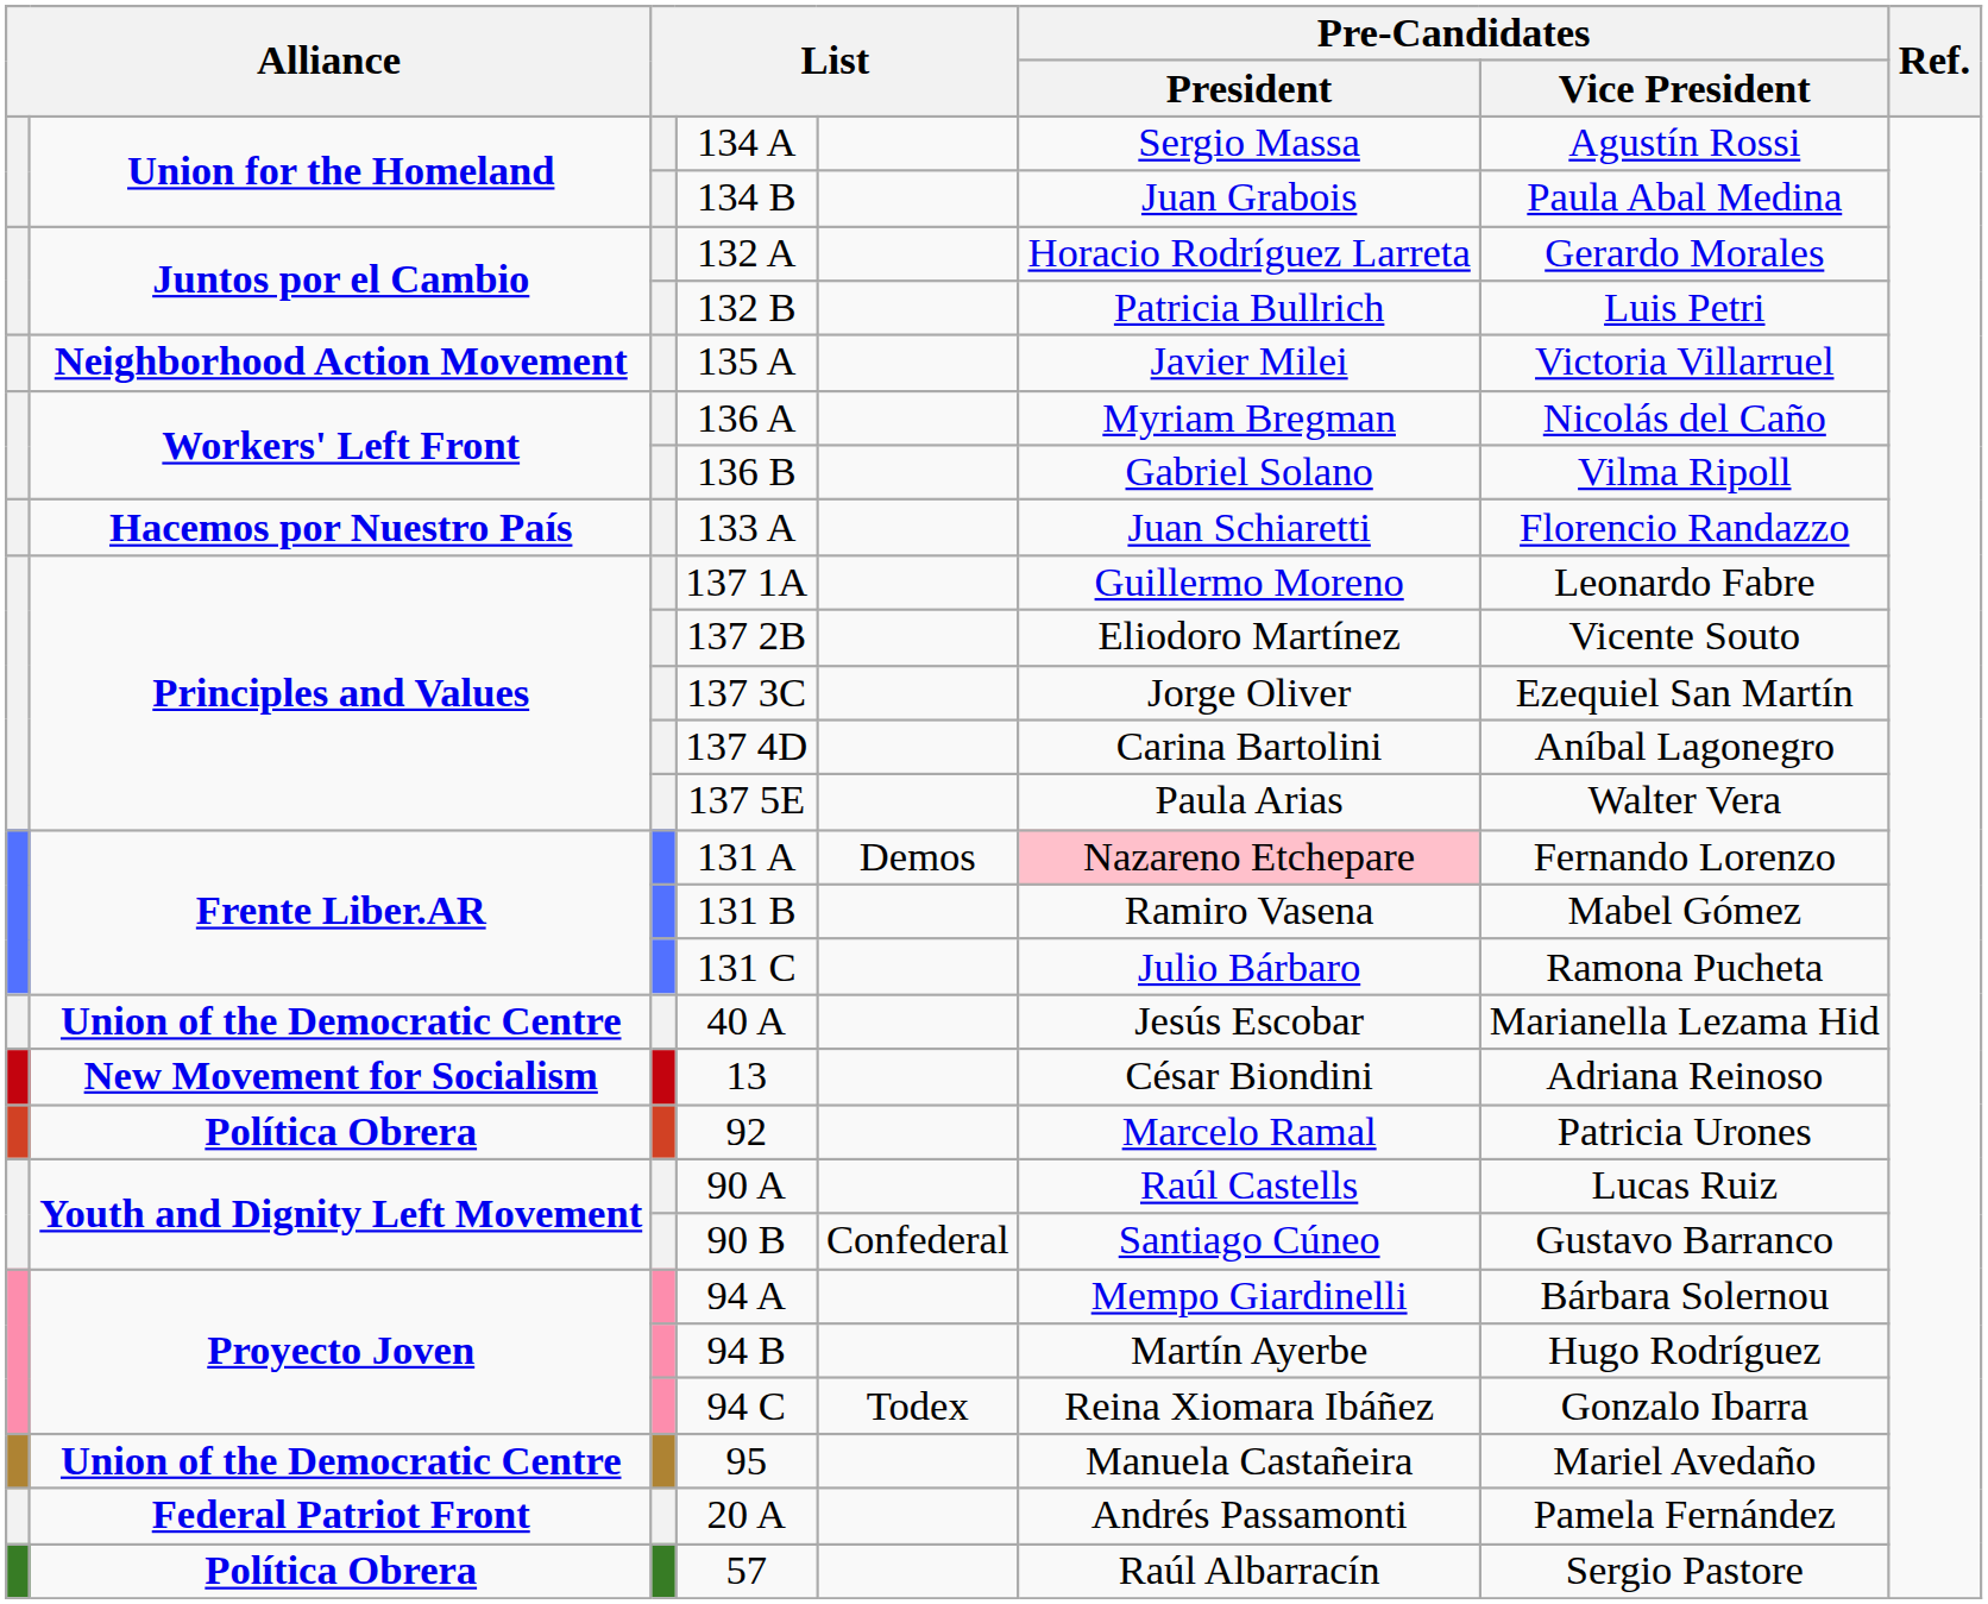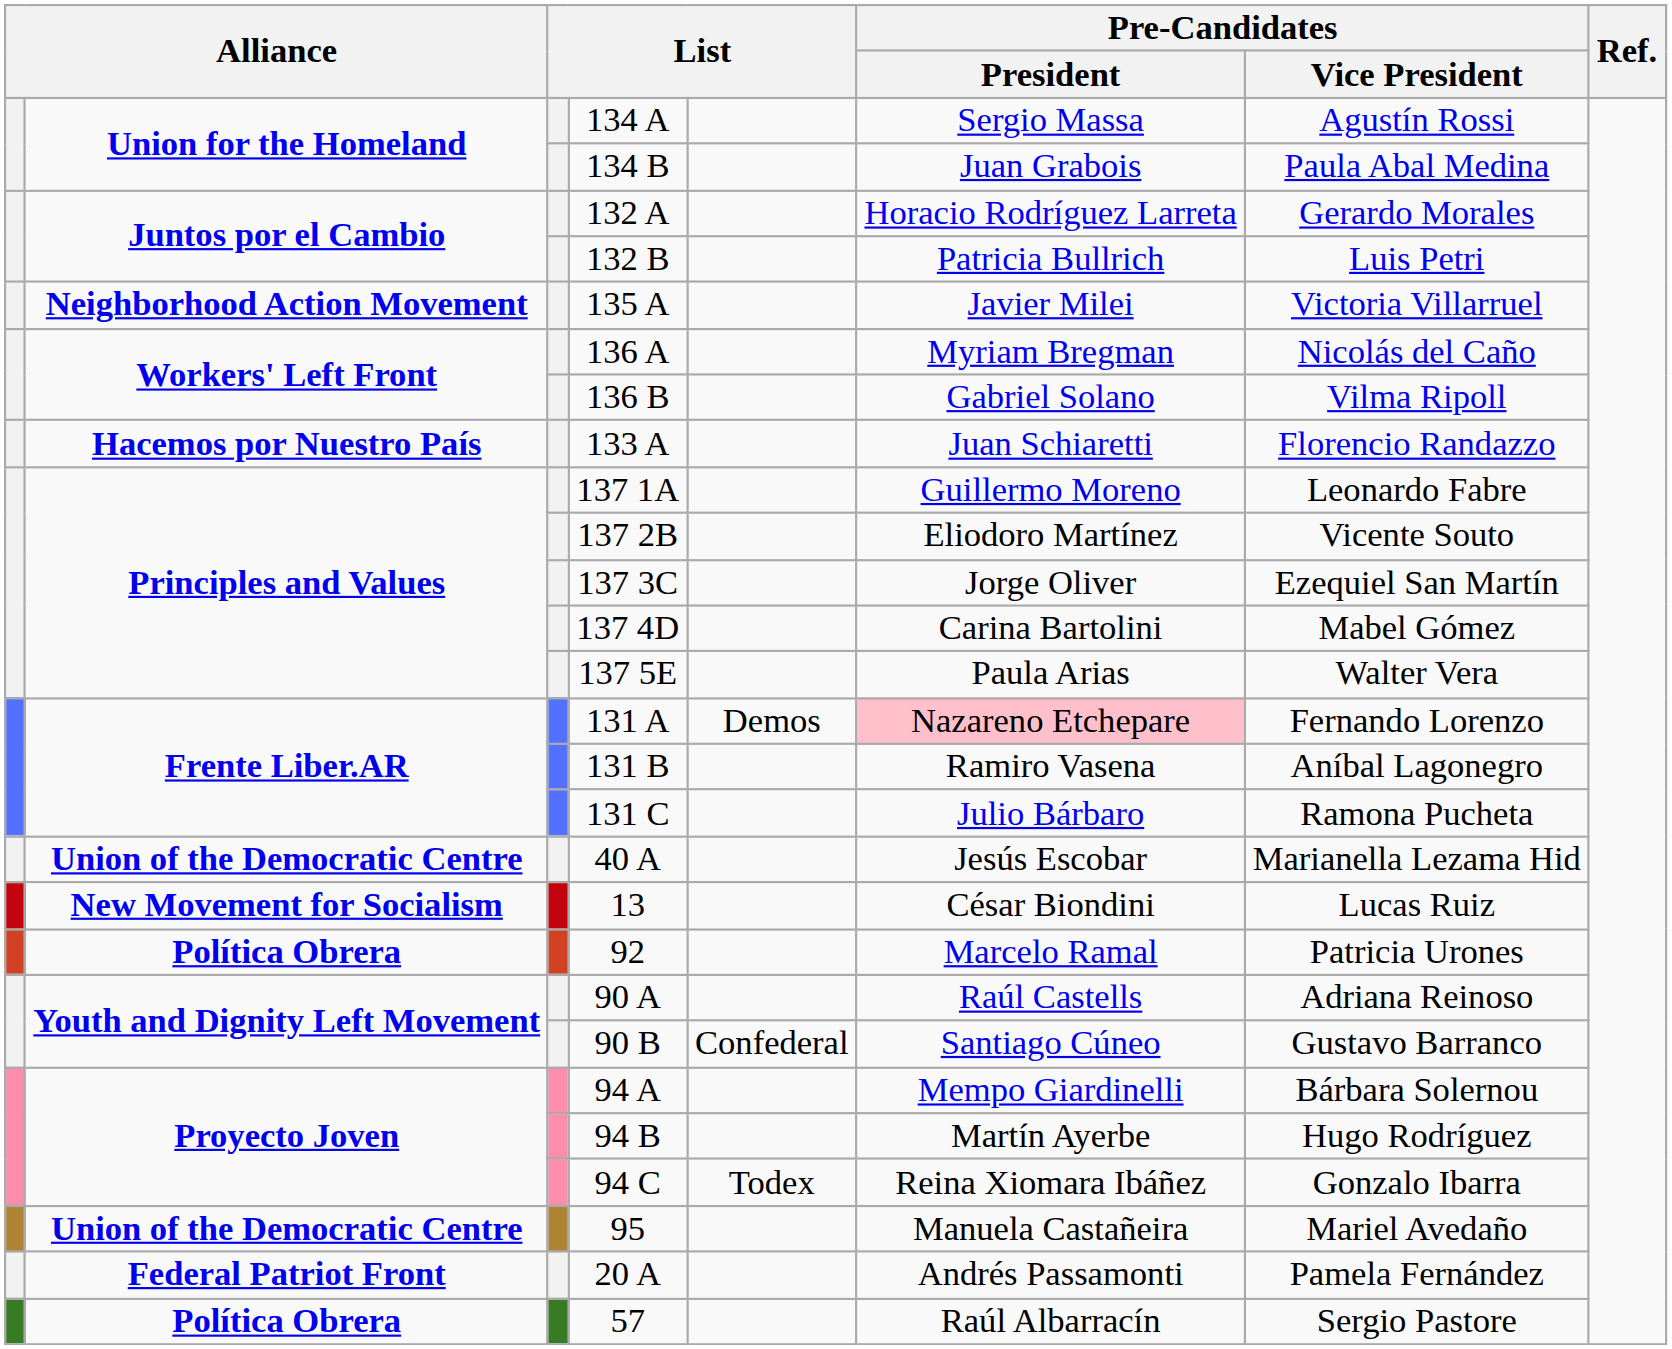 <table class="wikitable" style="line-height:14px; text-align:center">
 <tr>
 <th colspan="2" rowspan="2" style="width:100px">Alliance</th>
 <th colspan="3" rowspan="2">List</th>
 <th colspan="2">Pre-Candidates</th>
 <th rowspan="2">Ref.</th>
 </tr>
 <tr>
 <th>President</th>
 <th>Vice President</th>
 </tr>
 <tr>
 <th rowspan="2" style="background:"></th>
 <td rowspan="2"><strong><a href='#'>Union for the Homeland</a></strong></td>
 <th style="background:"></th>
 <td>134 A</td>
 <td></td>
 <td><a href='#'>Sergio Massa</a></td>
 <td><a href='#'>Agustín Rossi</a></td>
 <td rowspan="27"></td>
 </tr>
 <tr>
 <th style="background:"></th>
 <td>134 B</td>
 <td></td>
 <td><a href='#'>Juan Grabois</a></td>
 <td><a href='#'>Paula Abal Medina</a></td>
 </tr>
 <tr>
 <th rowspan="2" style="background:"></th>
 <td rowspan="2"><strong><a href='#'>Juntos por el Cambio</a></strong></td>
 <th style="background:"></th>
 <td>132 A</td>
 <td></td>
 <td><a href='#'>Horacio Rodríguez Larreta</a></td>
 <td><a href='#'>Gerardo Morales</a></td>
 </tr>
 <tr>
 <th style="background:"></th>
 <td>132 B</td>
 <td></td>
 <td><a href='#'>Patricia Bullrich</a></td>
 <td><a href='#'>Luis Petri</a></td>
 </tr>
 <tr>
 <th style="background:"></th>
 <td><strong><a href='#'>Neighborhood Action Movement</a></strong></td>
 <th style="background:"></th>
 <td>135 A</td>
 <td></td>
 <td><a href='#'>Javier Milei</a></td>
 <td><a href='#'>Victoria Villarruel</a></td>
 </tr>
 <tr>
 <th rowspan="2" style="background:"></th>
 <td rowspan="2"><strong><a href='#'>Workers' Left Front</a></strong></td>
 <th style="background:"></th>
 <td>136 A</td>
 <td></td>
 <td><a href='#'>Myriam Bregman</a></td>
 <td><a href='#'>Nicolás del Caño</a></td>
 </tr>
 <tr>
 <th style="background:"></th>
 <td>136 B</td>
 <td></td>
 <td><a href='#'>Gabriel Solano</a></td>
 <td><a href='#'>Vilma Ripoll</a></td>
 </tr>
 <tr>
 <th style="background:"></th>
 <td><strong><a href='#'>Hacemos por Nuestro País</a></strong></td>
 <th style="background:"></th>
 <td>133 A</td>
 <td></td>
 <td><a href='#'>Juan Schiaretti</a></td>
 <td><a href='#'>Florencio Randazzo</a></td>
 </tr>
 <tr>
 <th rowspan="5" style="background:"></th>
 <td rowspan="5"><strong><a href='#'>Principles and Values</a></strong></td>
 <th style="background:"></th>
 <td>137 1A</td>
 <td></td>
 <td><a href='#'>Guillermo Moreno</a></td>
 <td>Leonardo Fabre</td>
 </tr>
 <tr>
 <th style="background:"></th>
 <td>137 2B</td>
 <td></td>
 <td>Eliodoro Martínez</td>
 <td>Vicente Souto</td>
 </tr>
 <tr>
 <th style="background:"></th>
 <td>137 3C</td>
 <td></td>
 <td>Jorge Oliver</td>
 <td>Ezequiel San Martín</td>
 </tr>
 <tr>
 <th style="background:"></th>
 <td>137 4D</td>
 <td></td>
 <td>Carina Bartolini</td>
-<td>Aníbal Lagonegro</td>
+<td>Mabel Gómez</td>
 </tr>
 <tr>
 <th style="background:"></th>
 <td>137 5E</td>
 <td></td>
 <td>Paula Arias</td>
 <td>Walter Vera</td>
 </tr>
 <tr>
 <th rowspan="3" style="background:#5271FF; width:2px"></th>
 <td rowspan="3"><strong><a href='#'>Frente Liber.AR</a></strong></td>
 <th style="background:#5271FF; width:2px"></th>
 <td>131 A</td>
 <td>Demos</td>
 <td style="background: pink;">Nazareno Etchepare</td>
 <td>Fernando Lorenzo</td>
 </tr>
 <tr>
 <th style="background:#5271FF; width:2px"></th>
 <td>131 B</td>
 <td></td>
 <td>Ramiro Vasena</td>
-<td>Mabel Gómez</td>
+<td>Aníbal Lagonegro</td>
 </tr>
 <tr>
 <th style="background:#5271FF; width:2px"></th>
 <td>131 C</td>
 <td></td>
 <td><a href='#'>Julio Bárbaro</a></td>
 <td>Ramona Pucheta</td>
 </tr>
 <tr>
 <th style="background:"></th>
 <td><a href='#'><strong>Union of the Democratic Centre</strong></a></td>
 <th style="background:"></th>
 <td>40 A</td>
 <td></td>
 <td>Jesús Escobar</td>
 <td>Marianella Lezama Hid</td>
 </tr>
 <tr>
 <th style="background:#C3030E; width:2px"></th>
 <td><strong><a href='#'>New Movement for Socialism</a></strong></td>
 <th style="background:#C3030E; width:2px"></th>
 <td>13</td>
 <td></td>
 <td>César Biondini</td>
-<td>Adriana Reinoso</td>
+<td>Lucas Ruiz</td>
 </tr>
 <tr>
 <th style="background:#D14124; width:2px"></th>
 <td><strong><a href='#'>Política Obrera</a></strong></td>
 <th style="background:#D14124; width:2px"></th>
 <td>92</td>
 <td></td>
 <td><a href='#'>Marcelo Ramal</a></td>
 <td>Patricia Urones</td>
 </tr>
 <tr>
 <th rowspan="2" style="background:"></th>
 <td rowspan="2"><strong><a href='#'>Youth and Dignity Left Movement</a></strong></td>
 <th style="background:"></th>
 <td>90 A</td>
 <td></td>
 <td><a href='#'>Raúl Castells</a></td>
-<td>Lucas Ruiz</td>
+<td>Adriana Reinoso</td>
 </tr>
 <tr>
 <th style="background:"></th>
 <td>90 B</td>
 <td>Confederal</td>
 <td><a href='#'>Santiago Cúneo</a></td>
 <td>Gustavo Barranco</td>
 </tr>
 <tr>
 <th rowspan="3" style="background:#FD8DAD; width:2px"></th>
 <td rowspan="3"><strong><a href='#'>Proyecto Joven</a></strong></td>
 <th style="background:#FD8DAD; width:2px"></th>
 <td>94 A</td>
 <td></td>
 <td><a href='#'>Mempo Giardinelli</a></td>
 <td>Bárbara Solernou</td>
 </tr>
 <tr>
 <th style="background:#FD8DAD; width:2px"></th>
 <td>94 B</td>
 <td></td>
 <td>Martín Ayerbe</td>
 <td>Hugo Rodríguez</td>
 </tr>
 <tr>
 <th style="background:#FD8DAD; width:2px"></th>
 <td>94 C</td>
 <td>Todex</td>
 <td>Reina Xiomara Ibáñez</td>
 <td>Gonzalo Ibarra</td>
 </tr>
 <tr>
 <th style="background:#AE8333; width:2px"></th>
 <td><a href='#'><strong>Union of the Democratic Centre</strong></a></td>
 <th style="background:#AE8333; width:2px"></th>
 <td>95</td>
 <td></td>
 <td>Manuela Castañeira</td>
 <td>Mariel Avedaño</td>
 </tr>
 <tr>
 <th style="background:"></th>
 <td><a href='#'><strong>Federal Patriot Front</strong></a></td>
 <th style="background:"></th>
 <td>20 A</td>
 <td></td>
 <td>Andrés Passamonti</td>
 <td>Pamela Fernández</td>
 </tr>
 <tr>
 <th style="background:#377C25; width:2px"></th>
 <td><strong><a href='#'>Política Obrera</a></strong></td>
 <th style="background:#377C25; width:2px"></th>
 <td>57</td>
 <td></td>
 <td>Raúl Albarracín</td>
 <td>Sergio Pastore</td>
 </tr>
 </table>
